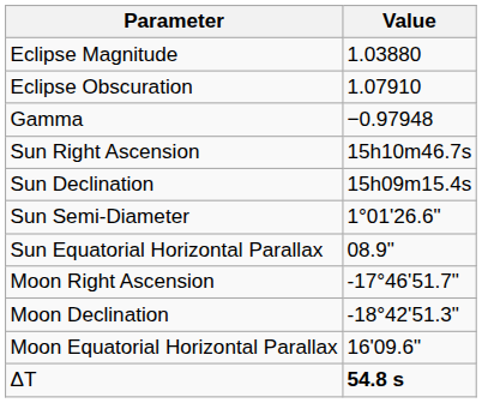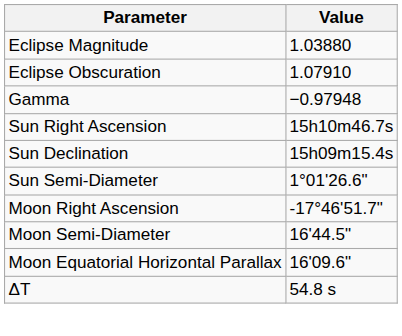 <table class="wikitable">
 <tr>
 <th>Parameter</th>
 <th>Value</th>
 </tr>
 <tr>
 <td>Eclipse Magnitude</td>
 <td>1.03880</td>
 </tr>
 <tr>
 <td>Eclipse Obscuration</td>
 <td>1.07910</td>
 </tr>
 <tr>
 <td>Gamma</td>
 <td>−0.97948</td>
 </tr>
 <tr>
 <td>Sun Right Ascension</td>
 <td>15h10m46.7s</td>
 </tr>
 <tr>
 <td>Sun Declination</td>
 <td>15h09m15.4s</td>
 </tr>
 <tr>
 <td>Sun Semi-Diameter</td>
 <td>1°01'26.6"</td>
 </tr>
 <tr>
-<td>Sun Equatorial Horizontal Parallax</td>
-<td>08.9"</td>
-</tr>
-<tr>
 <td>Moon Right Ascension</td>
 <td>-17°46'51.7"</td>
 </tr>
 <tr>
-<td>Moon Declination</td>
-<td>-18°42'51.3"</td>
+<td>Moon Semi-Diameter</td>
+<td>16'44.5"</td>
 </tr>
 <tr>
 <td>Moon Equatorial Horizontal Parallax</td>
 <td>16'09.6"</td>
 </tr>
 <tr>
 <td>ΔT</td>
-<td><strong>54.8 s</strong></td>
+<td>54.8 s</td>
 </tr>
 </table>
